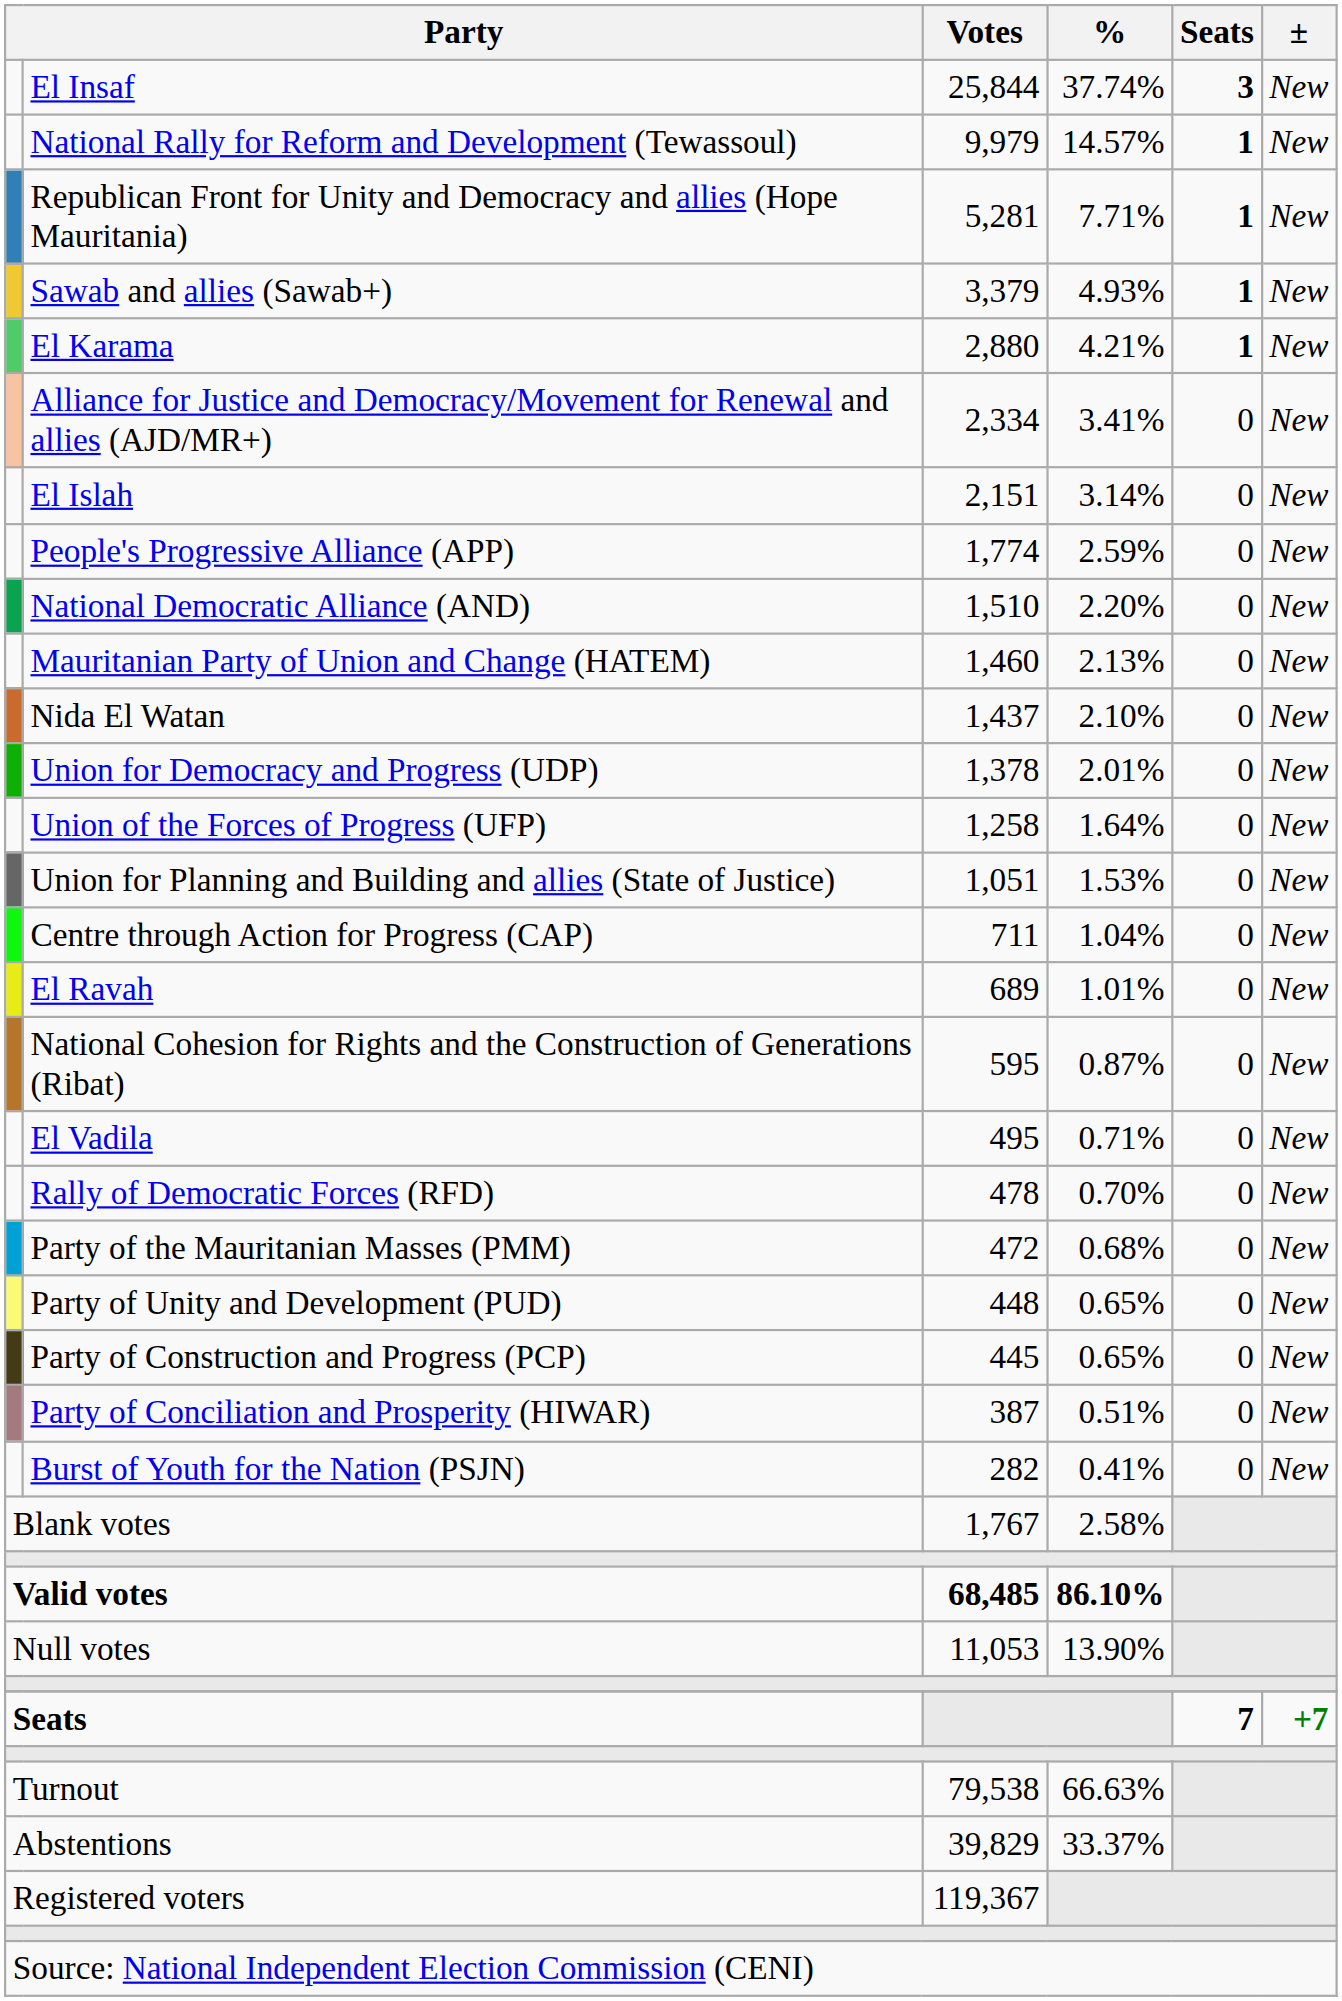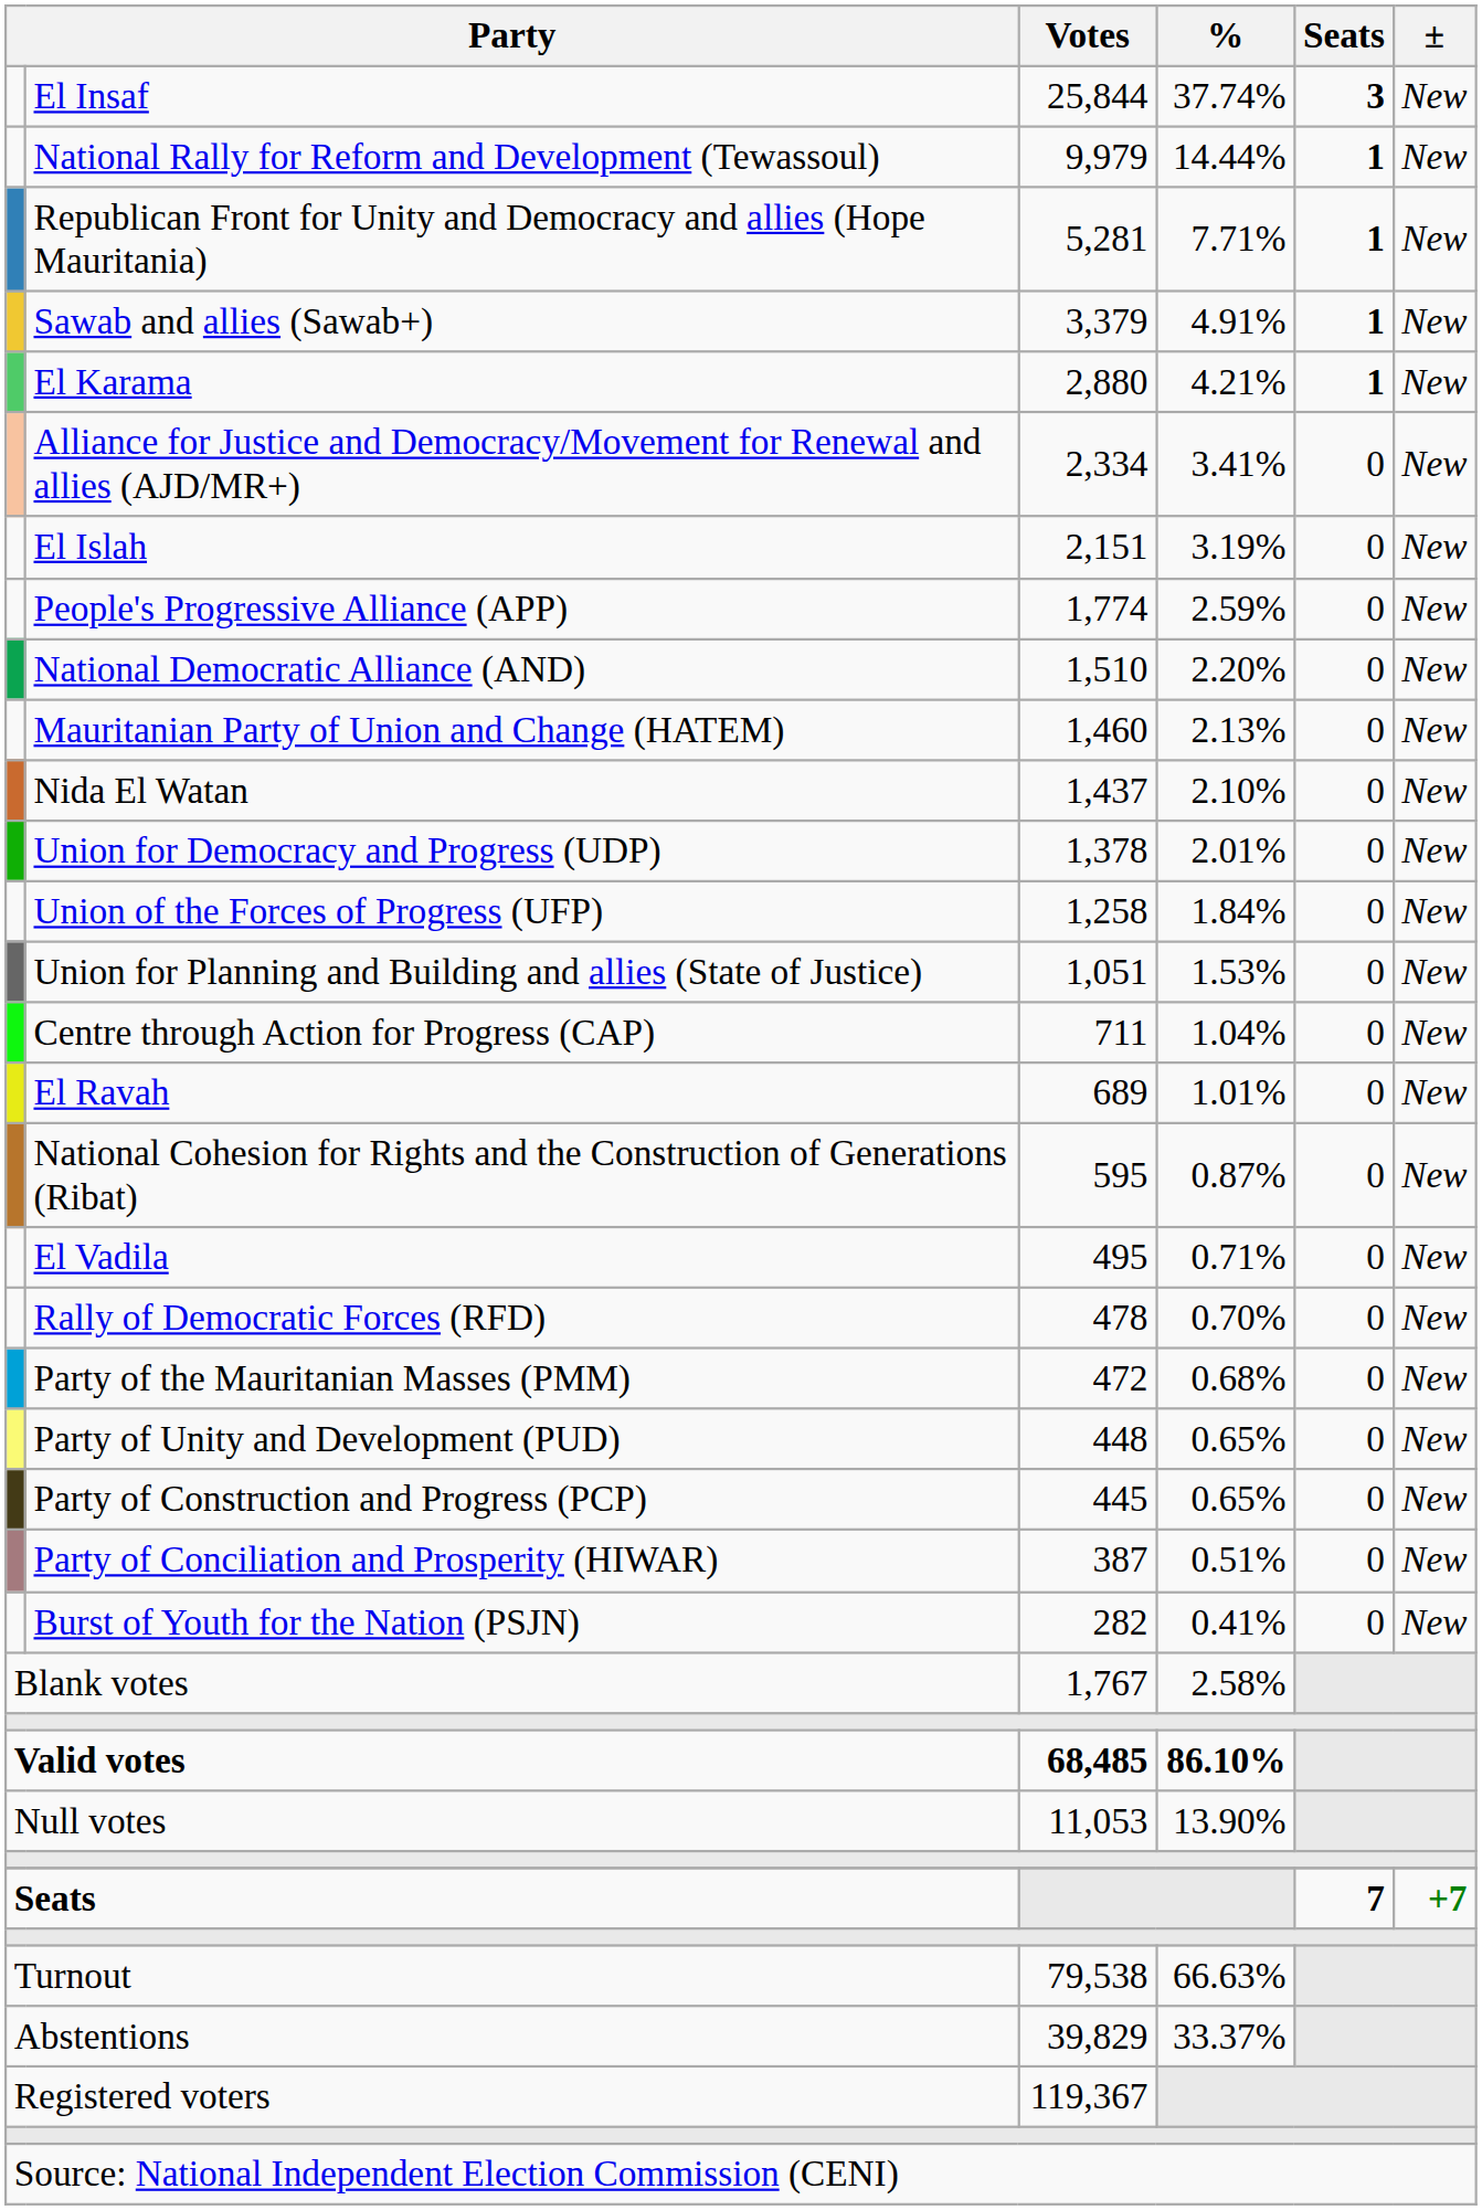 <table class="wikitable" style="text-align:right;font-size:95%;">
 <tr>
 <th width="700" colspan="2">Party</th>
 <th width="50">Votes</th>
 <th width="50">%</th>
 <th width="25">Seats</th>
 <th width="20">±</th>
 </tr>
 <tr>
 <td width="1" style="color:inherit;background:"></td>
 <td style="text-align:left;"><a href='#'>El Insaf</a></td>
 <td>25,844</td>
 <td>37.74%</td>
 <td><strong>3</strong></td>
 <td><em>New</em></td>
 </tr>
 <tr>
 <td width="1" style="color:inherit;background:"></td>
 <td style="text-align:left;"><a href='#'>National Rally for Reform and Development</a> (Tewassoul)</td>
 <td>9,979</td>
-<td>14.57%</td>
+<td>14.44%</td>
 <td><strong>1</strong></td>
 <td><em>New</em></td>
 </tr>
 <tr>
 <td width="1" style="color:inherit;background:#3080B7;"></td>
 <td style="text-align:left;">Republican Front for Unity and Democracy and <a href='#'>allies</a> (Hope Mauritania)</td>
 <td>5,281</td>
 <td>7.71%</td>
 <td><strong>1</strong></td>
 <td><em>New</em></td>
 </tr>
 <tr>
 <td width="1" style="color:inherit;background:#F0C832;"></td>
 <td style="text-align:left;"><a href='#'>Sawab</a> and <a href='#'>allies</a> (Sawab+)</td>
 <td>3,379</td>
-<td>4.93%</td>
+<td>4.91%</td>
 <td><strong>1</strong></td>
 <td><em>New</em></td>
 </tr>
 <tr>
 <td width="1" style="color:inherit;background:#4FCB68;"></td>
 <td style="text-align:left;"><a href='#'>El Karama</a></td>
 <td>2,880</td>
 <td>4.21%</td>
 <td><strong>1</strong></td>
 <td><em>New</em></td>
 </tr>
 <tr>
 <td width="1" style="color:inherit;background:#F8C3A0;"></td>
 <td style="text-align:left;"><a href='#'>Alliance for Justice and Democracy/Movement for Renewal</a> and <a href='#'>allies</a> (AJD/MR+)</td>
 <td>2,334</td>
 <td>3.41%</td>
 <td>0</td>
 <td><em>New</em></td>
 </tr>
 <tr>
 <td width="1" style="color:inherit;background:"></td>
 <td style="text-align:left;"><a href='#'>El Islah</a></td>
 <td>2,151</td>
-<td>3.14%</td>
+<td>3.19%</td>
 <td>0</td>
 <td><em>New</em></td>
 </tr>
 <tr>
 <td width="1" style="color:inherit;background:"></td>
 <td style="text-align:left;"><a href='#'>People's Progressive Alliance</a> (APP)</td>
 <td>1,774</td>
 <td>2.59%</td>
 <td>0</td>
 <td><em>New</em></td>
 </tr>
 <tr>
 <td width="1" style="color:inherit;background:#0AA450;"></td>
 <td style="text-align:left;"><a href='#'>National Democratic Alliance</a> (AND)</td>
 <td>1,510</td>
 <td>2.20%</td>
 <td>0</td>
 <td><em>New</em></td>
 </tr>
 <tr>
 <td width="1" style="color:inherit;background:"></td>
 <td style="text-align:left;"><a href='#'>Mauritanian Party of Union and Change</a> (HATEM)</td>
 <td>1,460</td>
 <td>2.13%</td>
 <td>0</td>
 <td><em>New</em></td>
 </tr>
 <tr>
 <td width="1" style="color:inherit;background:#C96A2F;"></td>
 <td style="text-align:left;">Nida El Watan</td>
 <td>1,437</td>
 <td>2.10%</td>
 <td>0</td>
 <td><em>New</em></td>
 </tr>
 <tr>
 <td width="1" style="color:inherit;background:#0FAF05;"></td>
 <td style="text-align:left;"><a href='#'>Union for Democracy and Progress</a> (UDP)</td>
 <td>1,378</td>
 <td>2.01%</td>
 <td>0</td>
 <td><em>New</em></td>
 </tr>
 <tr>
 <td width="1" style="color:inherit;background:"></td>
 <td style="text-align:left;"><a href='#'>Union of the Forces of Progress</a> (UFP)</td>
 <td>1,258</td>
-<td>1.64%</td>
+<td>1.84%</td>
 <td>0</td>
 <td><em>New</em></td>
 </tr>
 <tr>
 <td width="1" style="color:inherit;background:#666666;"></td>
 <td style="text-align:left;">Union for Planning and Building and <a href='#'>allies</a> (State of Justice)</td>
 <td>1,051</td>
 <td>1.53%</td>
 <td>0</td>
 <td><em>New</em></td>
 </tr>
 <tr>
 <td width="1" style="color:inherit;background:#0EF70E;"></td>
 <td style="text-align:left;">Centre through Action for Progress (CAP)</td>
 <td>711</td>
 <td>1.04%</td>
 <td>0</td>
 <td><em>New</em></td>
 </tr>
 <tr>
 <td width="1" style="color:inherit;background:#E7EB16;"></td>
 <td style="text-align:left;"><a href='#'>El Ravah</a></td>
 <td>689</td>
 <td>1.01%</td>
 <td>0</td>
 <td><em>New</em></td>
 </tr>
 <tr>
 <td width="1" style="color:inherit;background:#B7752C;"></td>
 <td style="text-align:left;">National Cohesion for Rights and the Construction of Generations (Ribat)</td>
 <td>595</td>
 <td>0.87%</td>
 <td>0</td>
 <td><em>New</em></td>
 </tr>
 <tr>
 <td width="1" style="color:inherit;background:"></td>
 <td style="text-align:left;"><a href='#'>El Vadila</a></td>
 <td>495</td>
 <td>0.71%</td>
 <td>0</td>
 <td><em>New</em></td>
 </tr>
 <tr>
 <td width="1" style="color:inherit;background:"></td>
 <td style="text-align:left;"><a href='#'>Rally of Democratic Forces</a> (RFD)</td>
 <td>478</td>
 <td>0.70%</td>
 <td>0</td>
 <td><em>New</em></td>
 </tr>
 <tr>
 <td width="1" style="color:inherit;background:#00A1D7;"></td>
 <td style="text-align:left;">Party of the Mauritanian Masses (PMM)</td>
 <td>472</td>
 <td>0.68%</td>
 <td>0</td>
 <td><em>New</em></td>
 </tr>
 <tr>
 <td width="1" style="color:inherit;background:#FAFA75;"></td>
 <td style="text-align:left;">Party of Unity and Development (PUD)</td>
 <td>448</td>
 <td>0.65%</td>
 <td>0</td>
 <td><em>New</em></td>
 </tr>
 <tr>
 <td width="1" style="color:inherit;background:#433A16;"></td>
 <td style="text-align:left;">Party of Construction and Progress (PCP)</td>
 <td>445</td>
 <td>0.65%</td>
 <td>0</td>
 <td><em>New</em></td>
 </tr>
 <tr>
 <td width="1" style="color:inherit;background:#A47A7E;"></td>
 <td style="text-align:left;"><a href='#'>Party of Conciliation and Prosperity</a> (HIWAR)</td>
 <td>387</td>
 <td>0.51%</td>
 <td>0</td>
 <td><em>New</em></td>
 </tr>
 <tr>
 <td width="1" style="color:inherit;background:"></td>
 <td style="text-align:left;"><a href='#'>Burst of Youth for the Nation</a> (PSJN)</td>
 <td>282</td>
 <td>0.41%</td>
 <td>0</td>
 <td><em>New</em></td>
 </tr>
 <tr>
 <td colspan="2" style="text-align:left;">Blank votes</td>
 <td>1,767</td>
 <td>2.58%</td>
 <td colspan="2" style="background:#E9E9E9;"></td>
 </tr>
 <tr>
 <td colspan="6" style="background:#E9E9E9;"></td>
 </tr>
 <tr style="font-weight:bold;">
 <td colspan="2" style="text-align:left;">Valid votes</td>
 <td>68,485</td>
 <td>86.10%</td>
 <td colspan="2" style="background:#E9E9E9;"></td>
 </tr>
 <tr>
 <td colspan="2" style="text-align:left;">Null votes</td>
 <td>11,053</td>
 <td>13.90%</td>
 <td colspan="2" style="background:#E9E9E9;"></td>
 </tr>
 <tr>
 <td colspan="6" style="background:#E9E9E9;"></td>
 </tr>
 <tr>
 </tr>
 <tr style="font-weight:bold;">
 <td colspan="2" style="text-align:left;">Seats</td>
 <td colspan="2" style="background:#E9E9E9;"></td>
 <td>7</td>
 <td style="color:green;">+7</td>
 </tr>
 <tr>
 <td colspan="6" style="background:#E9E9E9;"></td>
 </tr>
 <tr>
 <td colspan="2" style="text-align:left;">Turnout</td>
 <td>79,538</td>
 <td>66.63%</td>
 <td colspan="2" style="background:#E9E9E9;"></td>
 </tr>
 <tr>
 <td colspan="2" style="text-align:left;">Abstentions</td>
 <td>39,829</td>
 <td>33.37%</td>
 <td colspan="2" style="background:#E9E9E9;"></td>
 </tr>
 <tr>
 <td colspan="2" style="text-align:left;">Registered voters</td>
 <td>119,367</td>
 <td colspan="3" style="background:#E9E9E9;"></td>
 </tr>
 <tr>
 <td colspan="6" style="background:#E9E9E9;"></td>
 </tr>
 <tr>
 <td colspan="6" style="text-align:left;">Source: <a href='#'>National Independent Election Commission</a> (CENI)</td>
 </tr>
 </table>
